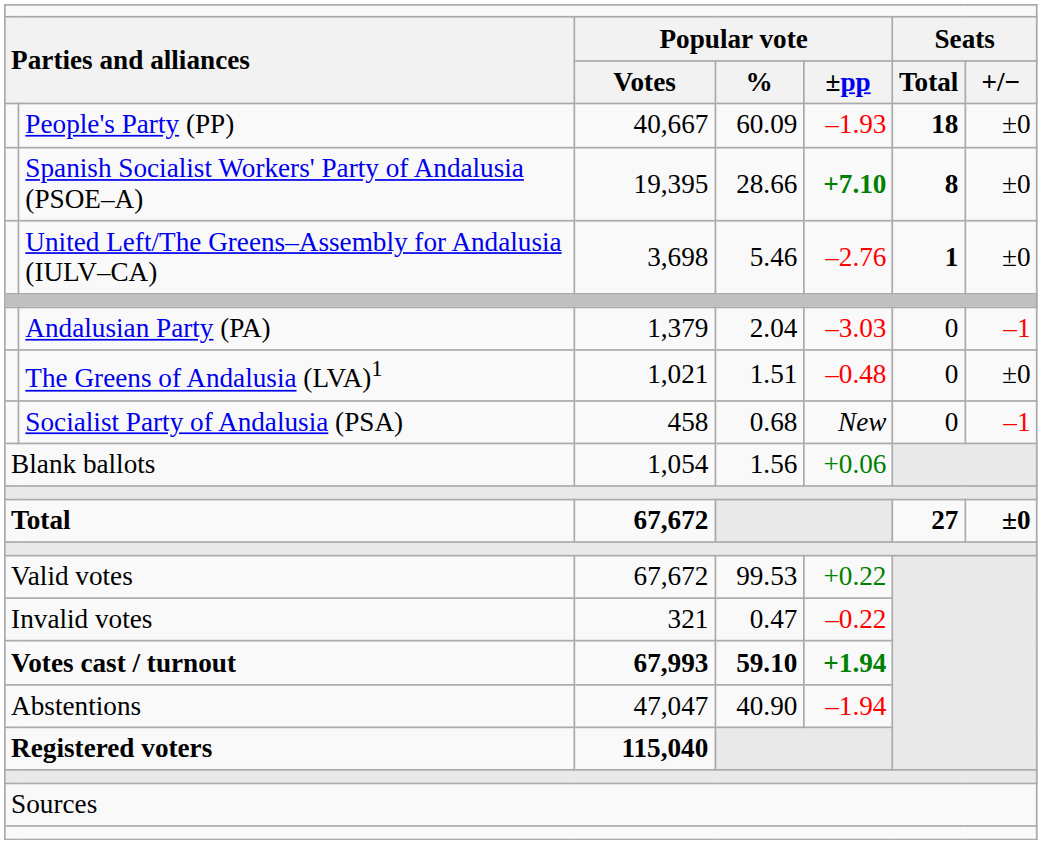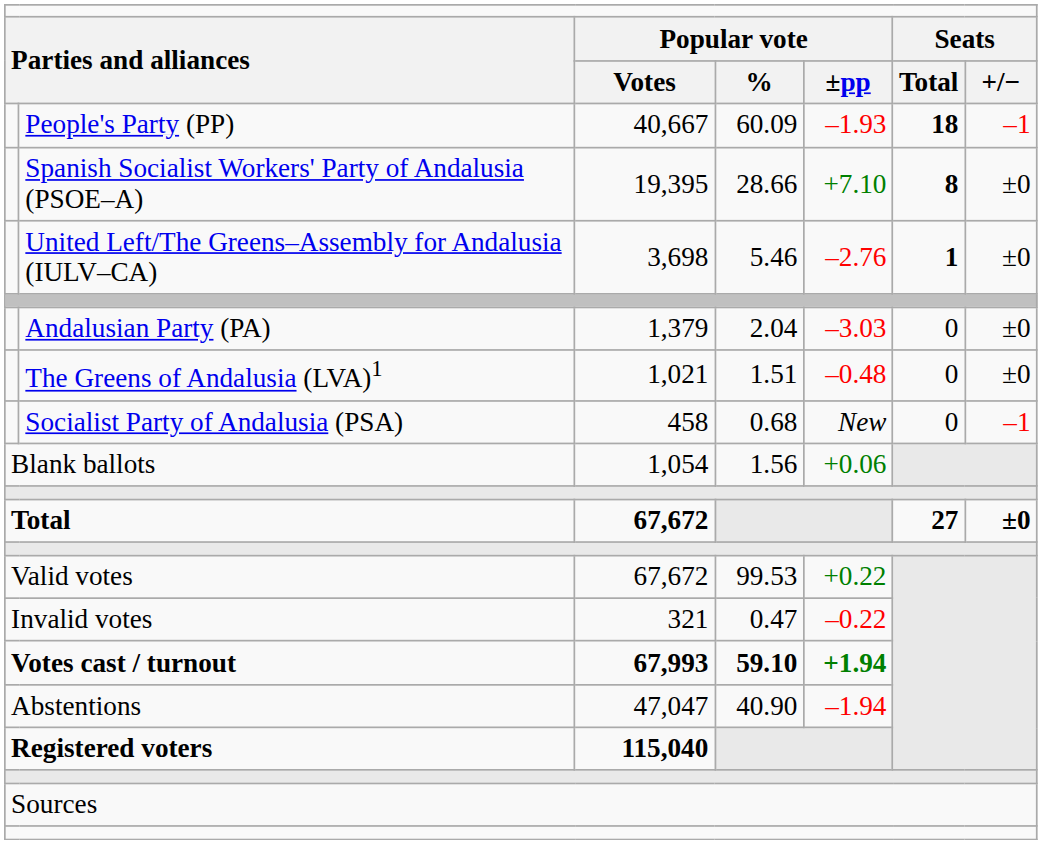 <table class="wikitable" style="text-align:right;">
 <tr>
 <td colspan="7"></td>
 </tr>
 <tr>
 <th style="text-align:left;" rowspan="2" colspan="2" width="525">Parties and alliances</th>
 <th colspan="3">Popular vote</th>
 <th colspan="2">Seats</th>
 </tr>
 <tr>
 <th width="75">Votes</th>
 <th width="45">%</th>
 <th width="45">±<a href='#'>pp</a></th>
 <th width="35">Total</th>
 <th width="35">+/−</th>
 </tr>
 <tr>
 <td width="1" style="color:inherit;background:"></td>
 <td align="left"><a href='#'>People's Party</a> (PP)</td>
 <td>40,667</td>
 <td>60.09</td>
 <td style="color:red;">–1.93</td>
 <td><strong>18</strong></td>
-<td>±0</td>
+<td style="color:red;">–1</td>
 </tr>
 <tr>
 <td style="color:inherit;background:"></td>
 <td align="left"><a href='#'>Spanish Socialist Workers' Party of Andalusia</a> (PSOE–A)</td>
 <td>19,395</td>
 <td>28.66</td>
-<td style="color:green;"><strong>+7.10</strong></td>
+<td style="color:green;">+7.10</td>
 <td><strong>8</strong></td>
 <td>±0</td>
 </tr>
 <tr>
 <td style="color:inherit;background:"></td>
 <td align="left"><a href='#'>United Left/The Greens–Assembly for Andalusia</a> (IULV–CA)</td>
 <td>3,698</td>
 <td>5.46</td>
 <td style="color:red;">–2.76</td>
 <td><strong>1</strong></td>
 <td>±0</td>
 </tr>
 <tr>
 <td colspan="7" bgcolor="#C0C0C0"></td>
 </tr>
 <tr>
 <td style="color:inherit;background:"></td>
 <td align="left"><a href='#'>Andalusian Party</a> (PA)</td>
 <td>1,379</td>
 <td>2.04</td>
 <td style="color:red;">–3.03</td>
 <td>0</td>
-<td style="color:red;">–1</td>
+<td>±0</td>
 </tr>
 <tr>
 <td style="color:inherit;background:"></td>
 <td align="left"><a href='#'>The Greens of Andalusia</a> (LVA)<sup>1</sup></td>
 <td>1,021</td>
 <td>1.51</td>
 <td style="color:red;">–0.48</td>
 <td>0</td>
 <td>±0</td>
 </tr>
 <tr>
 <td style="color:inherit;background:"></td>
 <td align="left"><a href='#'>Socialist Party of Andalusia</a> (PSA)</td>
 <td>458</td>
 <td>0.68</td>
 <td><em>New</em></td>
 <td>0</td>
 <td style="color:red;">–1</td>
 </tr>
 <tr>
 <td align="left" colspan="2">Blank ballots</td>
 <td>1,054</td>
 <td>1.56</td>
 <td style="color:green;">+0.06</td>
 <td bgcolor="#E9E9E9" colspan="2"></td>
 </tr>
 <tr>
 <td colspan="7" bgcolor="#E9E9E9"></td>
 </tr>
 <tr style="font-weight:bold;">
 <td align="left" colspan="2">Total</td>
 <td>67,672</td>
 <td bgcolor="#E9E9E9" colspan="2"></td>
 <td>27</td>
 <td>±0</td>
 </tr>
 <tr>
 <td colspan="7" bgcolor="#E9E9E9"></td>
 </tr>
 <tr>
 <td align="left" colspan="2">Valid votes</td>
 <td>67,672</td>
 <td>99.53</td>
 <td style="color:green;">+0.22</td>
 <td bgcolor="#E9E9E9" colspan="2" rowspan="5"></td>
 </tr>
 <tr>
 <td align="left" colspan="2">Invalid votes</td>
 <td>321</td>
 <td>0.47</td>
 <td style="color:red;">–0.22</td>
 </tr>
 <tr style="font-weight:bold;">
 <td align="left" colspan="2">Votes cast / turnout</td>
 <td>67,993</td>
 <td>59.10</td>
 <td style="color:green;">+1.94</td>
 </tr>
 <tr>
 <td align="left" colspan="2">Abstentions</td>
 <td>47,047</td>
 <td>40.90</td>
 <td style="color:red;">–1.94</td>
 </tr>
 <tr style="font-weight:bold;">
 <td align="left" colspan="2">Registered voters</td>
 <td>115,040</td>
 <td bgcolor="#E9E9E9" colspan="2"></td>
 </tr>
 <tr>
 <td colspan="7" bgcolor="#E9E9E9"></td>
 </tr>
 <tr>
 <td align="left" colspan="7">Sources</td>
 </tr>
 <tr>
 <td colspan="7" style="text-align:left; max-width:790px;"></td>
 </tr>
 </table>
